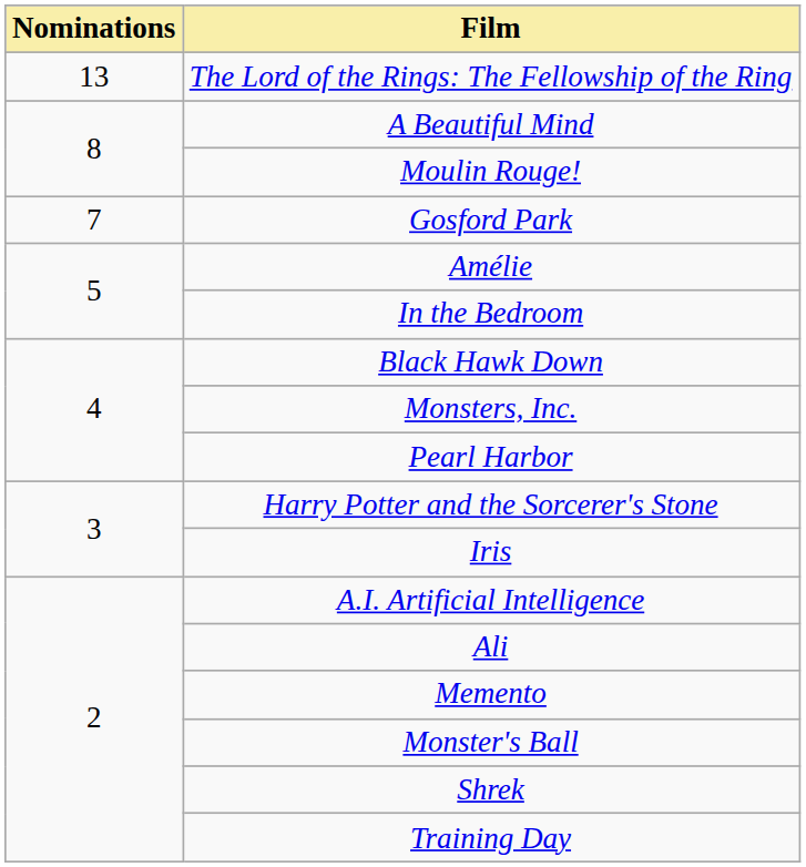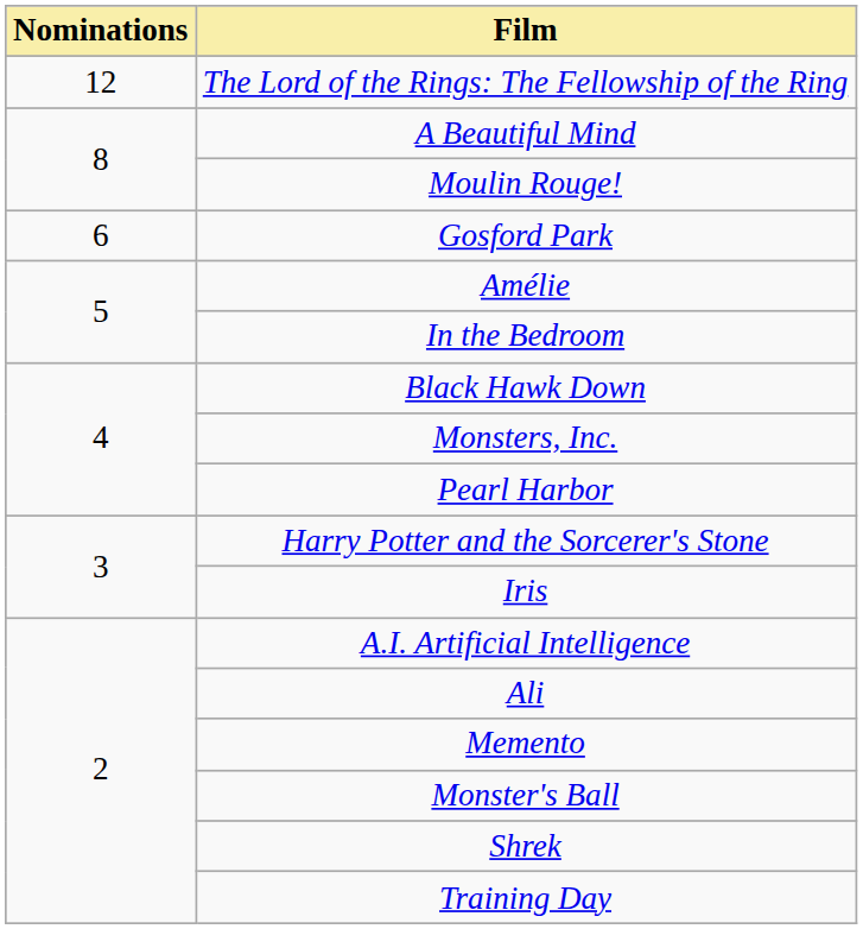 <table class="wikitable plainrowheaders" style="text-align: center;">
 <tr>
 <th style="background-color:#F9EFAA;">Nominations</th>
 <th style="background-color:#F9EFAA;">Film</th>
 </tr>
 <tr>
-<td style="text-align: center;">13</td>
+<td style="text-align: center;">12</td>
 <td><em><a href='#'>The Lord of the Rings: The Fellowship of the Ring</a></em></td>
 </tr>
 <tr>
 <td rowspan=2 style="text-align:center">8</td>
 <td><em><a href='#'>A Beautiful Mind</a></em></td>
 </tr>
 <tr>
 <td><em><a href='#'>Moulin Rouge!</a></em></td>
 </tr>
 <tr>
-<td style="text-align: center;">7</td>
+<td style="text-align: center;">6</td>
 <td><em><a href='#'>Gosford Park</a></em></td>
 </tr>
 <tr>
 <td rowspan=2 style="text-align:center">5</td>
 <td><em><a href='#'>Amélie</a></em></td>
 </tr>
 <tr>
 <td><em><a href='#'>In the Bedroom</a></em></td>
 </tr>
 <tr>
 <td rowspan=3 style="text-align:center">4</td>
 <td><em><a href='#'>Black Hawk Down</a></em></td>
 </tr>
 <tr>
 <td><em><a href='#'>Monsters, Inc.</a></em></td>
 </tr>
 <tr>
 <td><em><a href='#'>Pearl Harbor</a></em></td>
 </tr>
 <tr>
 <td rowspan=2 style="text-align:center">3</td>
 <td><em><a href='#'>Harry Potter and the Sorcerer's Stone</a></em></td>
 </tr>
 <tr>
 <td><em><a href='#'>Iris</a></em></td>
 </tr>
 <tr>
 <td rowspan=6 style="text-align:center">2</td>
 <td><em><a href='#'>A.I. Artificial Intelligence</a></em></td>
 </tr>
 <tr>
 <td><em><a href='#'>Ali</a></em></td>
 </tr>
 <tr>
 <td><em><a href='#'>Memento</a></em></td>
 </tr>
 <tr>
 <td><em><a href='#'>Monster's Ball</a></em></td>
 </tr>
 <tr>
 <td><em><a href='#'>Shrek</a></em></td>
 </tr>
 <tr>
 <td><em><a href='#'>Training Day</a></em></td>
 </tr>
 </table>
